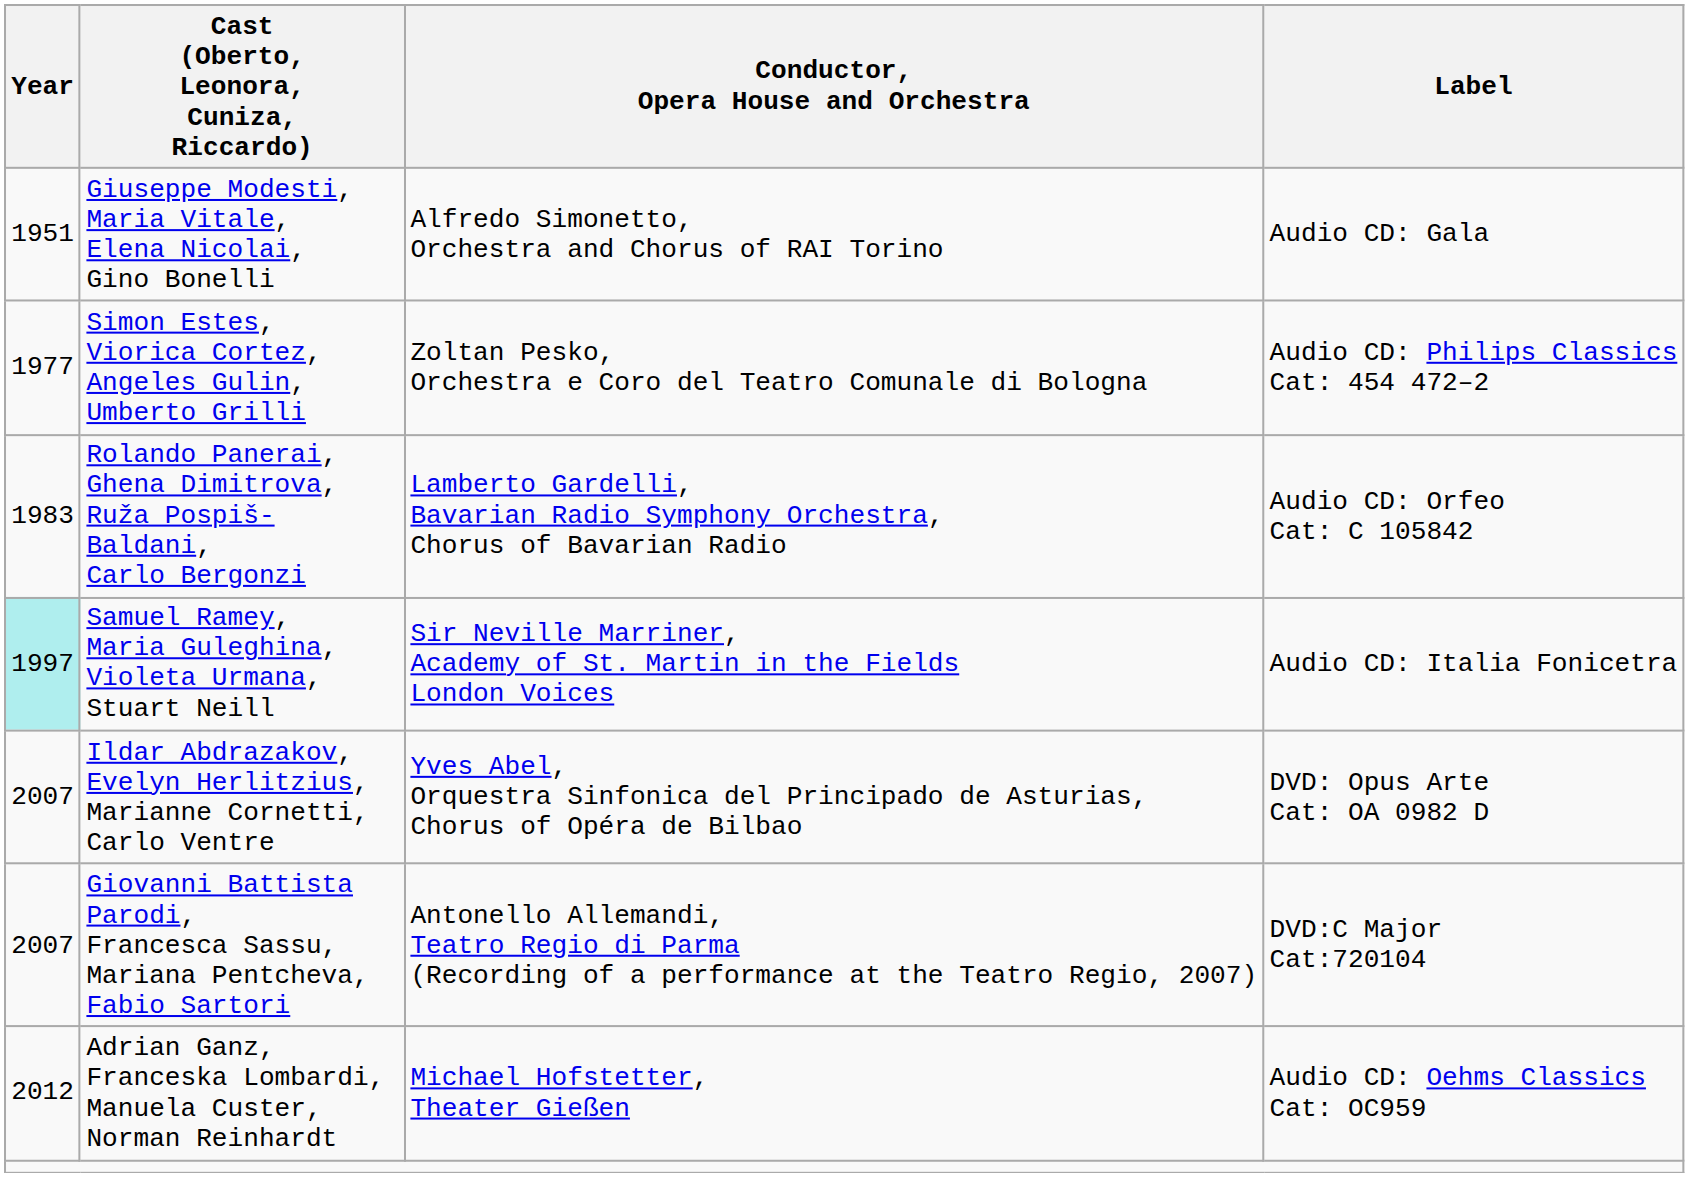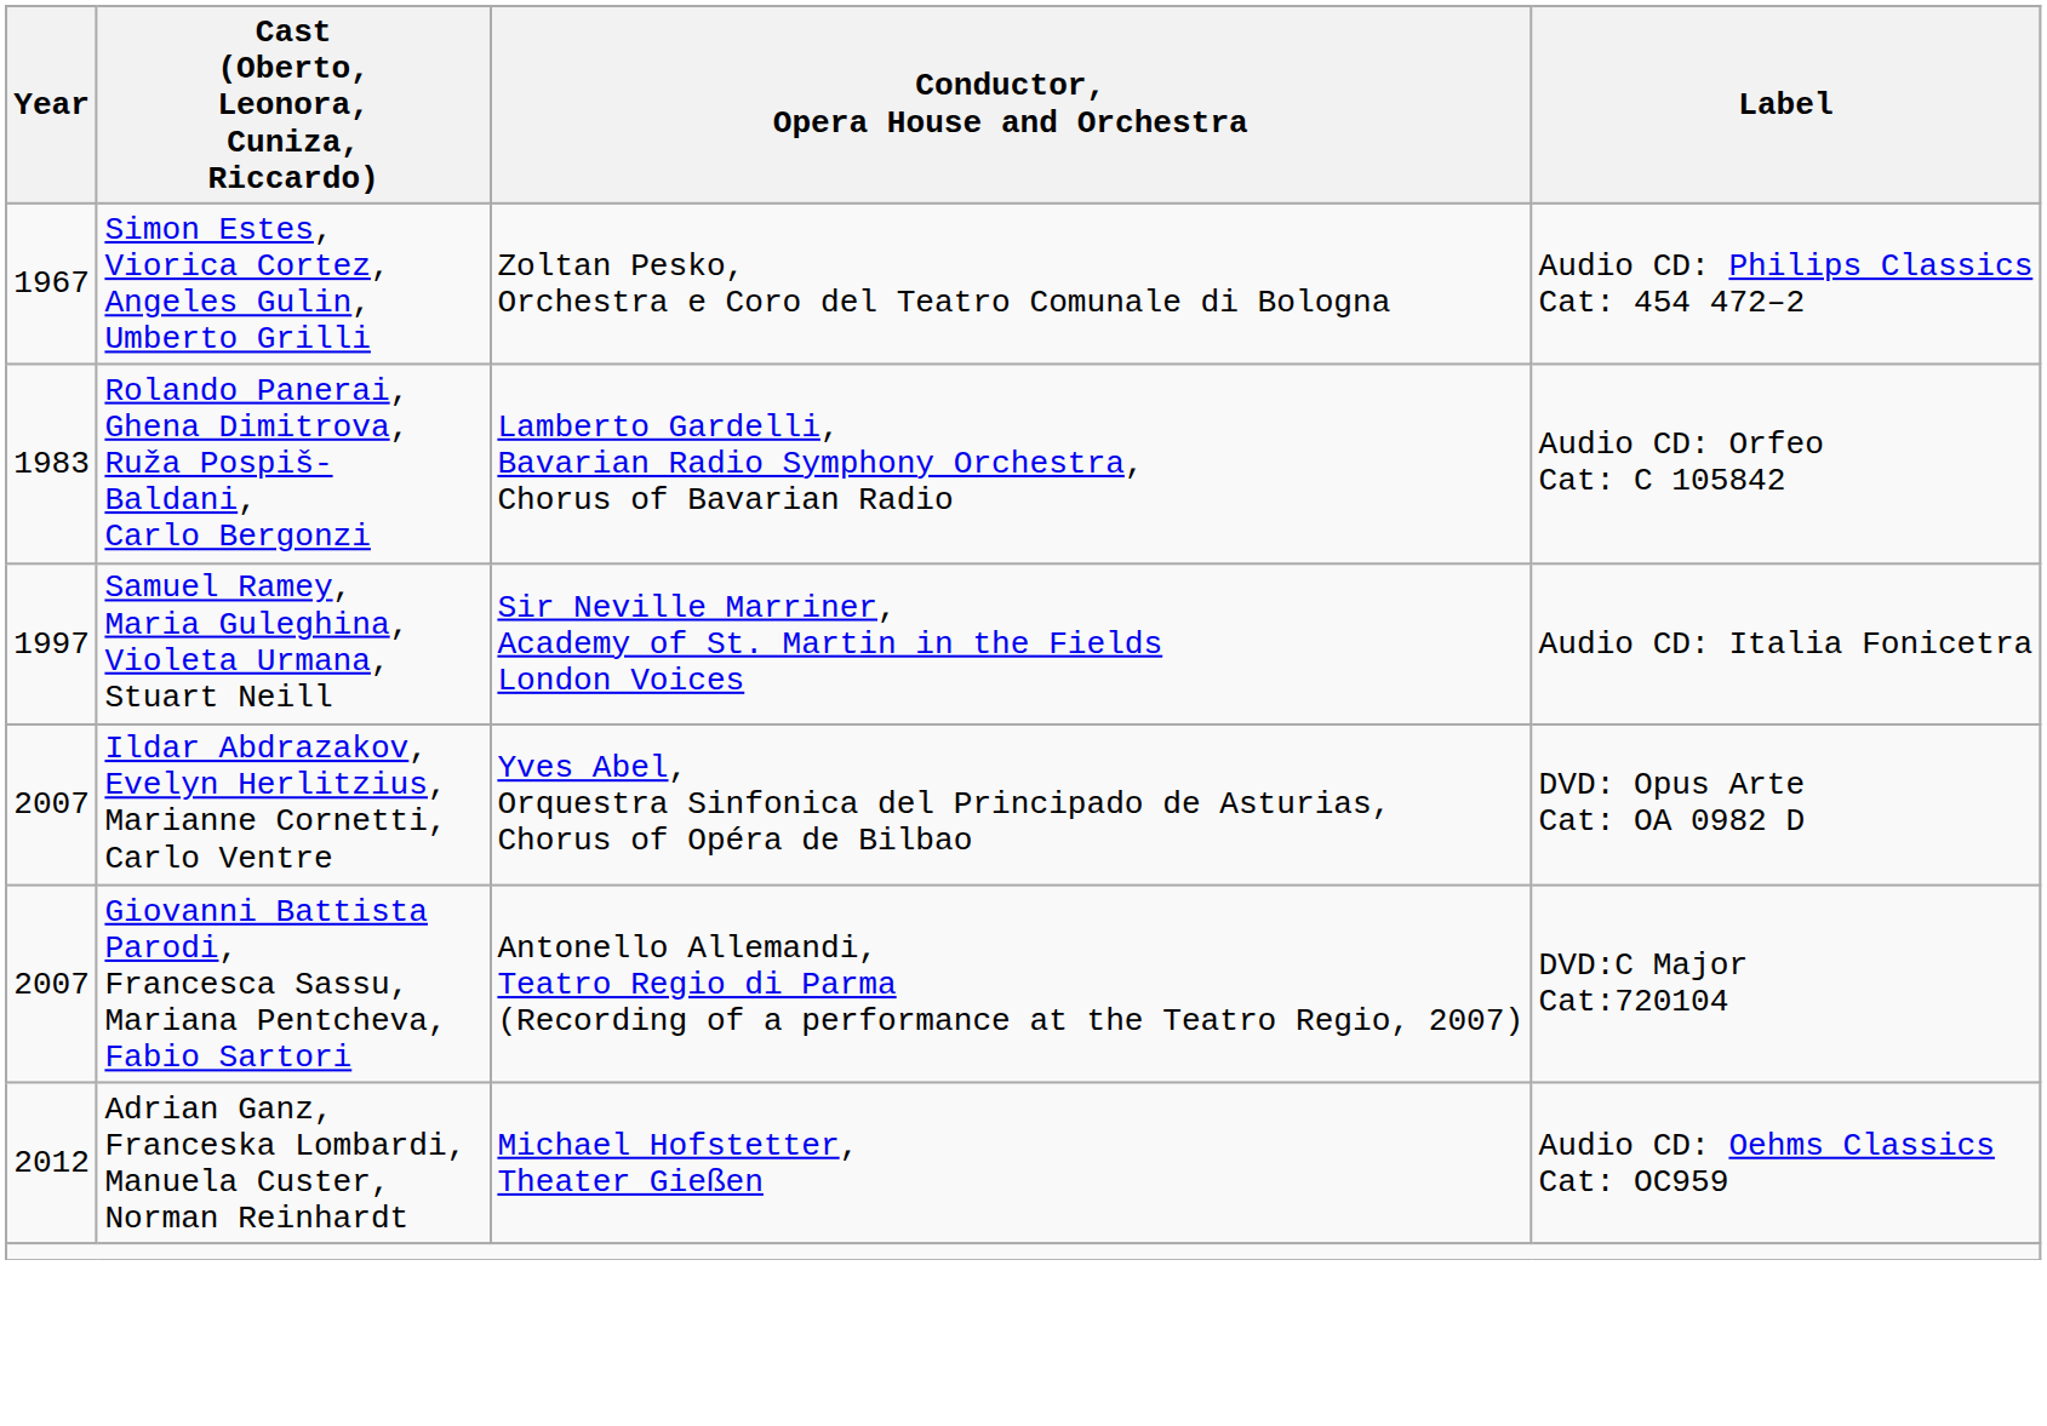 <table class="wikitable">
 <tr>
 <th>Year</th>
 <th width="155">Cast<br>(Oberto,<br>Leonora,<br>Cuniza,<br>Riccardo)</th>
 <th>Conductor,<br>Opera House and Orchestra</th>
 <th>Label</th>
 </tr>
 <tr>
-<td>1951</td>
-<td><a href='#'>Giuseppe Modesti</a>,<br><a href='#'>Maria Vitale</a>,<br><a href='#'>Elena Nicolai</a>,<br>Gino Bonelli</td>
-<td>Alfredo Simonetto,<br>Orchestra and Chorus of RAI Torino</td>
-<td>Audio CD: Gala</td>
-</tr>
-<tr>
-<td>1977</td>
+<td>1967</td>
 <td><a href='#'>Simon Estes</a>, <br> <a href='#'>Viorica Cortez</a>, <br><a href='#'>Angeles Gulin</a>,<br><a href='#'>Umberto Grilli</a></td>
 <td>Zoltan Pesko, <br>Orchestra e Coro del Teatro Comunale di Bologna</td>
 <td>Audio CD: <a href='#'>Philips Classics</a><br>Cat: 454 472–2</td>
 </tr>
 <tr>
 <td>1983</td>
 <td><a href='#'>Rolando Panerai</a>,<br> <a href='#'>Ghena Dimitrova</a>,<br> <a href='#'>Ruža Pospiš-Baldani</a>,<br><a href='#'>Carlo Bergonzi</a></td>
 <td><a href='#'>Lamberto Gardelli</a>,<br><a href='#'>Bavarian Radio Symphony Orchestra</a>,<br> Chorus of Bavarian Radio</td>
 <td>Audio CD: Orfeo<br>Cat: C 105842</td>
 </tr>
 <tr>
-<td style="background: paleturquoise;">1997</td>
+<td>1997</td>
 <td><a href='#'>Samuel Ramey</a>,<br><a href='#'>Maria Guleghina</a>,<br><a href='#'>Violeta Urmana</a>,<br>Stuart Neill</td>
 <td><a href='#'>Sir Neville Marriner</a>,<br><a href='#'>Academy of St. Martin in the Fields</a> <br> <a href='#'>London Voices</a></td>
 <td>Audio CD: Italia Fonicetra</td>
 </tr>
 <tr>
 <td>2007</td>
 <td><a href='#'>Ildar Abdrazakov</a>,<br><a href='#'>Evelyn Herlitzius</a>,<br>Marianne Cornetti,<br>Carlo Ventre</td>
 <td><a href='#'>Yves Abel</a>,<br>Orquestra Sinfonica del Principado de Asturias,<br> Chorus of Opéra de Bilbao</td>
 <td>DVD: Opus Arte<br>Cat: OA 0982 D</td>
 </tr>
 <tr>
 <td>2007</td>
 <td><a href='#'>Giovanni Battista Parodi</a>,<br>Francesca Sassu,<br>Mariana Pentcheva,<br><a href='#'>Fabio Sartori</a></td>
 <td>Antonello Allemandi,<br><a href='#'>Teatro Regio di Parma</a><br>(Recording of a performance at the Teatro Regio,  2007)</td>
 <td>DVD:C Major<br>Cat:720104</td>
 </tr>
 <tr>
 <td>2012</td>
 <td>Adrian Ganz,<br>Franceska Lombardi, Manuela Custer, Norman Reinhardt</td>
 <td><a href='#'>Michael Hofstetter</a>,<br><a href='#'>Theater Gießen</a></td>
 <td>Audio CD: <a href='#'>Oehms Classics</a><br>Cat: OC959</td>
 </tr>
 <tr>
 <td colspan="4"></td>
 </tr>
 </table>
